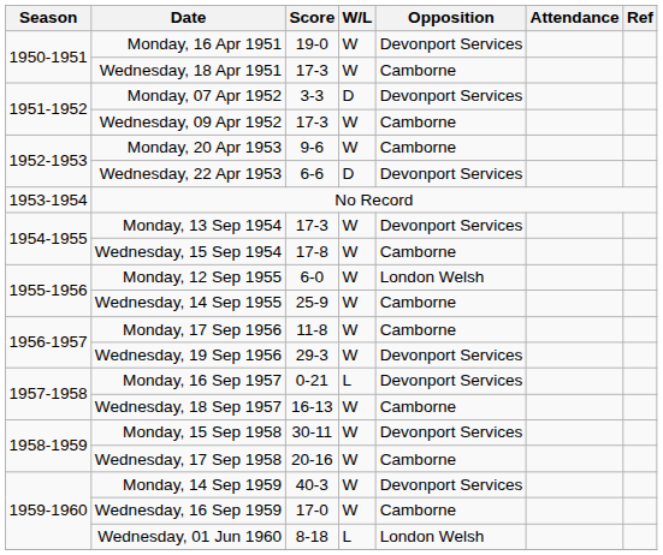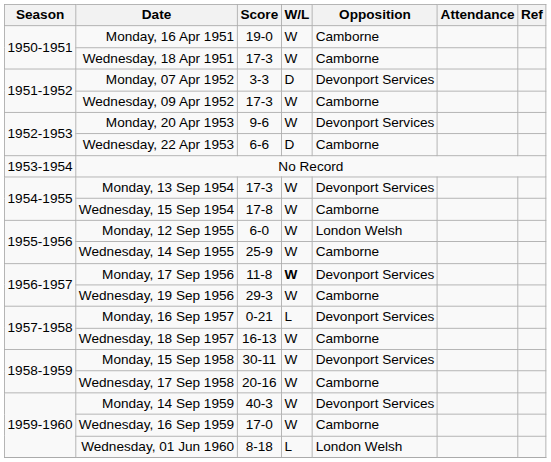 <table class="wikitable">
 <tr>
 <th>Season</th>
 <th>Date</th>
 <th>Score</th>
 <th>W/L</th>
 <th>Opposition</th>
 <th>Attendance</th>
 <th>Ref</th>
 </tr>
 <tr>
 <td rowspan=2>1950-1951</td>
 <td style="text-align:right;">Monday, 16 Apr 1951</td>
 <td style="text-align:center;">19-0</td>
 <td style="text-align:left;">W</td>
-<td>Devonport Services</td>
+<td>Camborne</td>
 <td></td>
 </tr>
 <tr>
 <td style="text-align:right;">Wednesday, 18 Apr 1951</td>
 <td style="text-align:center;">17-3</td>
 <td style="text-align:left;">W</td>
 <td>Camborne</td>
 <td></td>
 <td></td>
 </tr>
 <tr>
 <td rowspan=2>1951-1952</td>
 <td style="text-align:right;">Monday, 07 Apr 1952</td>
 <td style="text-align:center;">3-3</td>
 <td style="text-align:left;">D</td>
 <td>Devonport Services</td>
 <td></td>
 </tr>
 <tr>
 <td style="text-align:right;">Wednesday, 09 Apr 1952</td>
 <td style="text-align:center;">17-3</td>
 <td style="text-align:left;">W</td>
 <td>Camborne</td>
 <td></td>
 <td></td>
 </tr>
 <tr>
 <td rowspan=2>1952-1953</td>
 <td style="text-align:right;">Monday, 20 Apr 1953</td>
 <td style="text-align:center;">9-6</td>
 <td style="text-align:left;">W</td>
-<td>Camborne</td>
+<td>Devonport Services</td>
 <td></td>
 </tr>
 <tr>
 <td style="text-align:right;">Wednesday, 22 Apr 1953</td>
 <td style="text-align:center;">6-6</td>
 <td style="text-align:left;">D</td>
-<td>Devonport Services</td>
+<td>Camborne</td>
 <td></td>
 <td></td>
 </tr>
 <tr>
 <td>1953-1954</td>
 <td align=center colspan="7">No Record</td>
 </tr>
 <tr>
 <td rowspan=2>1954-1955</td>
 <td style="text-align:right;">Monday, 13 Sep 1954</td>
 <td style="text-align:center;">17-3</td>
 <td style="text-align:left;">W</td>
 <td>Devonport Services</td>
 <td></td>
 <td></td>
 </tr>
 <tr>
 <td style="text-align:right;">Wednesday, 15 Sep 1954</td>
 <td style="text-align:center;">17-8</td>
 <td style="text-align:left;">W</td>
 <td>Camborne</td>
 <td></td>
 <td></td>
 </tr>
 <tr>
 <td rowspan=2>1955-1956</td>
 <td style="text-align:right;">Monday, 12 Sep 1955</td>
 <td style="text-align:center;">6-0</td>
 <td style="text-align:left;">W</td>
 <td>London Welsh</td>
 <td></td>
 </tr>
 <tr>
 <td style="text-align:right;">Wednesday, 14 Sep 1955</td>
 <td style="text-align:center;">25-9</td>
 <td style="text-align:left;">W</td>
 <td>Camborne</td>
 <td></td>
 <td></td>
 </tr>
 <tr>
 <td rowspan=2>1956-1957</td>
 <td style="text-align:right;">Monday, 17 Sep 1956</td>
 <td style="text-align:center;">11-8</td>
-<td style="text-align:left;">W</td>
-<td>Camborne</td>
+<td style="text-align:left;"><strong>W</strong></td>
+<td>Devonport Services</td>
 <td></td>
 </tr>
 <tr>
 <td style="text-align:right;">Wednesday, 19 Sep 1956</td>
 <td style="text-align:center;">29-3</td>
 <td style="text-align:left;">W</td>
-<td>Devonport Services</td>
+<td>Camborne</td>
 <td></td>
 <td></td>
 </tr>
 <tr>
 <td rowspan=2>1957-1958</td>
 <td style="text-align:right;">Monday, 16 Sep 1957</td>
 <td style="text-align:center;">0-21</td>
 <td style="text-align:left;">L</td>
 <td>Devonport Services</td>
 <td></td>
 </tr>
 <tr>
 <td style="text-align:right;">Wednesday, 18 Sep 1957</td>
 <td style="text-align:center;">16-13</td>
 <td style="text-align:left;">W</td>
 <td>Camborne</td>
 <td></td>
 <td></td>
 </tr>
 <tr>
 <td rowspan=2>1958-1959</td>
 <td style="text-align:right;">Monday, 15 Sep 1958</td>
 <td style="text-align:center;">30-11</td>
 <td style="text-align:left;">W</td>
 <td>Devonport Services</td>
 <td></td>
 </tr>
 <tr>
 <td style="text-align:right;">Wednesday, 17 Sep 1958</td>
 <td style="text-align:center;">20-16</td>
 <td style="text-align:left;">W</td>
 <td>Camborne</td>
 <td></td>
 <td></td>
 </tr>
 <tr>
 <td rowspan=3>1959-1960</td>
 <td style="text-align:right;">Monday, 14 Sep 1959</td>
 <td style="text-align:center;">40-3</td>
 <td style="text-align:left;">W</td>
 <td>Devonport Services</td>
 <td></td>
 </tr>
 <tr>
 <td style="text-align:right;">Wednesday, 16 Sep 1959</td>
 <td style="text-align:center;">17-0</td>
 <td style="text-align:left;">W</td>
 <td>Camborne</td>
 <td></td>
 <td></td>
 </tr>
 <tr>
 <td style="text-align:right;">Wednesday, 01 Jun 1960</td>
 <td style="text-align:center;">8-18</td>
 <td style="text-align:left;">L</td>
 <td>London Welsh</td>
 <td></td>
 <td></td>
 </tr>
 <tr>
 </tr>
 </table>
